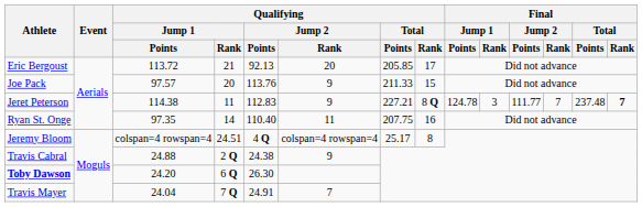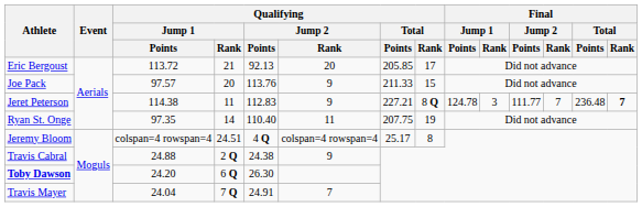 <table class=wikitable style=font-size:90%;text-align:center>
 <tr>
 <th rowspan=3>Athlete</th>
 <th rowspan=3>Event</th>
 <th colspan=6>Qualifying</th>
 <th colspan=6>Final</th>
 </tr>
 <tr style=font-size:95%>
 <th colspan=2>Jump 1</th>
 <th colspan=2>Jump 2</th>
 <th colspan=2>Total</th>
 <th colspan=2>Jump 1</th>
 <th colspan=2>Jump 2</th>
 <th colspan=2>Total</th>
 </tr>
 <tr style=font-size:95%>
 <th>Points</th>
 <th>Rank</th>
 <th>Points</th>
 <th>Rank</th>
 <th>Points</th>
 <th>Rank</th>
 <th>Points</th>
 <th>Rank</th>
 <th>Points</th>
 <th>Rank</th>
 <th>Points</th>
 <th>Rank</th>
 </tr>
 <tr>
 <td align=left><a href='#'>Eric Bergoust</a></td>
 <td align=left rowspan=4><a href='#'>Aerials</a></td>
 <td>113.72</td>
 <td>21</td>
 <td>92.13</td>
 <td>20</td>
 <td>205.85</td>
 <td>17</td>
 <td colspan=6>Did not advance</td>
 </tr>
 <tr>
 <td align=left><a href='#'>Joe Pack</a></td>
 <td>97.57</td>
 <td>20</td>
 <td>113.76</td>
 <td>9</td>
 <td>211.33</td>
 <td>15</td>
 <td colspan=6>Did not advance</td>
 </tr>
 <tr>
 <td align=left><a href='#'>Jeret Peterson</a></td>
 <td>114.38</td>
 <td>11</td>
 <td>112.83</td>
 <td>9</td>
 <td>227.21</td>
 <td>8 <strong>Q</strong></td>
 <td>124.78</td>
 <td>3</td>
 <td>111.77</td>
 <td>7</td>
-<td>237.48</td>
+<td>236.48</td>
 <td><strong>7</strong></td>
 </tr>
 <tr>
 <td align=left><a href='#'>Ryan St. Onge</a></td>
 <td>97.35</td>
 <td>14</td>
 <td>110.40</td>
 <td>11</td>
 <td>207.75</td>
-<td>16</td>
+<td>19</td>
 <td colspan=6>Did not advance</td>
 </tr>
 <tr>
 <td align=left><a href='#'>Jeremy Bloom</a></td>
 <td align=left rowspan=4><a href='#'>Moguls</a></td>
 <td>colspan=4 rowspan=4 </td>
 <td>24.51</td>
 <td>4 <strong>Q</strong></td>
 <td>colspan=4 rowspan=4 </td>
 <td>25.17</td>
 <td>8</td>
 </tr>
 <tr>
 <td align=left><a href='#'>Travis Cabral</a></td>
 <td>24.88</td>
 <td>2 <strong>Q</strong></td>
 <td>24.38</td>
 <td>9</td>
 </tr>
 <tr>
 <td align=left><strong><a href='#'>Toby Dawson</a></strong></td>
 <td>24.20</td>
 <td>6 <strong>Q</strong></td>
 <td>26.30</td>
 <td></td>
 </tr>
 <tr>
 <td align=left><a href='#'>Travis Mayer</a></td>
 <td>24.04</td>
 <td>7 <strong>Q</strong></td>
 <td>24.91</td>
 <td>7</td>
 </tr>
 </table>
